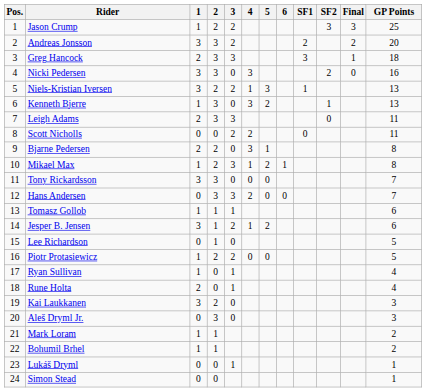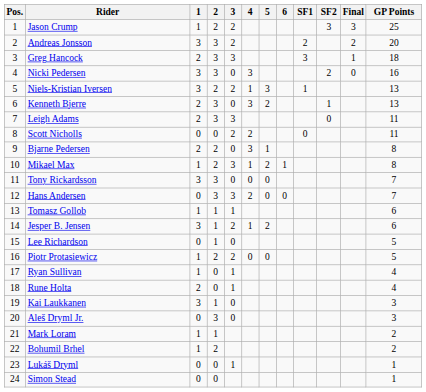 <table class=wikitable style="font-size:93%;">
 <tr>
 <th width=25px>Pos.</th>
 <th width=250px>Rider</th>
 <th width=20px>1</th>
 <th width=20px>2</th>
 <th width=20px>3</th>
 <th width=20px>4</th>
 <th width=20px>5</th>
 <th width=20px>6</th>
 <th width=30px>SF1</th>
 <th width=30px>SF2</th>
 <th width=30px>Final</th>
 <th width=80px>GP Points</th>
 </tr>
 <tr align=center style="background-color:">
 <td>1</td>
 <td align=left> <a href='#'>Jason Crump</a></td>
 <td>1</td>
 <td>2</td>
 <td>2</td>
 <td></td>
 <td></td>
 <td></td>
 <td></td>
 <td>3</td>
 <td>3</td>
 <td>25</td>
 </tr>
 <tr align=center style="background-color:">
 <td>2</td>
 <td align=left> <a href='#'>Andreas Jonsson</a></td>
 <td>3</td>
 <td>3</td>
 <td>2</td>
 <td></td>
 <td></td>
 <td></td>
 <td> 2</td>
 <td></td>
 <td>2</td>
 <td>20</td>
 </tr>
 <tr align=center style="background-color:">
 <td>3</td>
 <td align=left> <a href='#'>Greg Hancock</a></td>
 <td>2</td>
 <td>3</td>
 <td>3</td>
 <td></td>
 <td></td>
 <td></td>
 <td>3</td>
 <td></td>
 <td>1</td>
 <td>18</td>
 </tr>
 <tr align=center>
 <td>4</td>
 <td align=left> <a href='#'>Nicki Pedersen</a></td>
 <td>3</td>
 <td>3</td>
 <td>0</td>
 <td>3</td>
 <td></td>
 <td></td>
 <td></td>
 <td>2</td>
 <td>0</td>
 <td>16</td>
 </tr>
 <tr align=center>
 <td>5</td>
 <td align=left> <a href='#'>Niels-Kristian Iversen</a></td>
 <td>3</td>
 <td>2</td>
 <td>2</td>
 <td>1</td>
 <td>3</td>
 <td></td>
 <td>1</td>
 <td></td>
 <td></td>
 <td>13</td>
 </tr>
 <tr align=center>
 <td>6</td>
 <td align=left> <a href='#'>Kenneth Bjerre</a></td>
-<td>1</td>
+<td>2</td>
 <td>3</td>
 <td>0</td>
 <td>3</td>
 <td>2</td>
 <td></td>
 <td></td>
 <td>1</td>
 <td></td>
 <td>13</td>
 </tr>
 <tr align=center>
 <td>7</td>
 <td align=left> <a href='#'>Leigh Adams</a></td>
 <td>2</td>
 <td>3</td>
 <td>3</td>
 <td></td>
 <td></td>
 <td></td>
 <td></td>
 <td>0</td>
 <td></td>
 <td>11</td>
 </tr>
 <tr align=center>
 <td>8</td>
 <td align=left> <a href='#'>Scott Nicholls</a></td>
 <td>0</td>
 <td>0</td>
 <td>2</td>
 <td>2</td>
 <td></td>
 <td></td>
 <td>0</td>
 <td></td>
 <td></td>
 <td>11</td>
 </tr>
 <tr align=center>
 <td>9</td>
 <td align=left> <a href='#'>Bjarne Pedersen</a></td>
 <td>2</td>
 <td>2</td>
 <td>0</td>
 <td>3</td>
 <td>1</td>
 <td></td>
 <td></td>
 <td></td>
 <td></td>
 <td>8</td>
 </tr>
 <tr align=center>
 <td>10</td>
 <td align=left> <a href='#'>Mikael Max</a></td>
 <td>1</td>
 <td>2</td>
 <td>3</td>
 <td>1</td>
 <td>2</td>
 <td>1</td>
 <td></td>
 <td></td>
 <td></td>
 <td>8</td>
 </tr>
 <tr align=center>
 <td>11</td>
 <td align=left> <a href='#'>Tony Rickardsson</a></td>
 <td>3</td>
 <td>3</td>
 <td>0</td>
 <td>0</td>
 <td>0</td>
 <td></td>
 <td></td>
 <td></td>
 <td></td>
 <td>7</td>
 </tr>
 <tr align=center>
 <td>12</td>
 <td align=left> <a href='#'>Hans Andersen</a></td>
 <td>0</td>
 <td>3</td>
 <td>3</td>
 <td>2</td>
 <td>0</td>
 <td>0</td>
 <td></td>
 <td></td>
 <td></td>
 <td>7</td>
 </tr>
 <tr align=center>
 <td>13</td>
 <td align=left> <a href='#'>Tomasz Gollob</a></td>
 <td>1</td>
 <td>1</td>
 <td>1</td>
 <td></td>
 <td></td>
 <td></td>
 <td></td>
 <td></td>
 <td></td>
 <td>6</td>
 </tr>
 <tr align=center>
 <td>14</td>
 <td align=left> <a href='#'>Jesper B. Jensen</a></td>
 <td>3</td>
 <td>1</td>
 <td>2</td>
 <td>1</td>
 <td>2</td>
 <td></td>
 <td></td>
 <td></td>
 <td></td>
 <td>6</td>
 </tr>
 <tr align=center>
 <td>15</td>
 <td align=left> <a href='#'>Lee Richardson</a></td>
 <td>0</td>
 <td>1</td>
 <td>0</td>
 <td></td>
 <td></td>
 <td></td>
 <td></td>
 <td></td>
 <td></td>
 <td>5</td>
 </tr>
 <tr align=center>
 <td>16</td>
 <td align=left> <a href='#'>Piotr Protasiewicz</a></td>
 <td>1</td>
 <td>2</td>
 <td>2</td>
 <td>0</td>
 <td>0</td>
 <td></td>
 <td></td>
 <td></td>
 <td></td>
 <td>5</td>
 </tr>
 <tr align=center>
 <td>17</td>
 <td align=left> <a href='#'>Ryan Sullivan</a></td>
 <td>1</td>
 <td>0</td>
 <td>1</td>
 <td></td>
 <td></td>
 <td></td>
 <td></td>
 <td></td>
 <td></td>
 <td>4</td>
 </tr>
 <tr align=center>
 <td>18</td>
 <td align=left> <a href='#'>Rune Holta</a></td>
 <td>2</td>
 <td>0</td>
 <td>1</td>
 <td></td>
 <td></td>
 <td></td>
 <td></td>
 <td></td>
 <td></td>
 <td>4</td>
 </tr>
 <tr align=center>
 <td>19</td>
 <td align=left> <a href='#'>Kai Laukkanen</a></td>
 <td>3</td>
-<td>2</td>
+<td>1</td>
 <td>0</td>
 <td></td>
 <td></td>
 <td></td>
 <td></td>
 <td></td>
 <td></td>
 <td>3</td>
 </tr>
 <tr align=center>
 <td>20</td>
 <td align=left> <a href='#'>Aleš Dryml Jr.</a></td>
 <td>0</td>
 <td>3</td>
 <td>0</td>
 <td></td>
 <td></td>
 <td></td>
 <td></td>
 <td></td>
 <td></td>
 <td>3</td>
 </tr>
 <tr align=center>
 <td>21</td>
 <td align=left> <a href='#'>Mark Loram</a></td>
 <td>1</td>
 <td>1</td>
 <td></td>
 <td></td>
 <td></td>
 <td></td>
 <td></td>
 <td></td>
 <td></td>
 <td>2</td>
 </tr>
 <tr align=center>
 <td>22</td>
 <td align=left> <a href='#'>Bohumil Brhel</a></td>
 <td>1</td>
-<td>1</td>
+<td>2</td>
 <td></td>
 <td></td>
 <td></td>
 <td></td>
 <td></td>
 <td></td>
 <td></td>
 <td>2</td>
 </tr>
 <tr align=center>
 <td>23</td>
 <td align=left> <a href='#'>Lukáš Dryml</a></td>
 <td>0</td>
 <td>0</td>
 <td>1</td>
 <td></td>
 <td></td>
 <td></td>
 <td></td>
 <td></td>
 <td></td>
 <td>1</td>
 </tr>
 <tr align=center>
 <td>24</td>
 <td align=left> <a href='#'>Simon Stead</a></td>
 <td>0</td>
 <td>0</td>
 <td></td>
 <td></td>
 <td></td>
 <td></td>
 <td></td>
 <td></td>
 <td></td>
 <td>1</td>
 </tr>
 </table>
